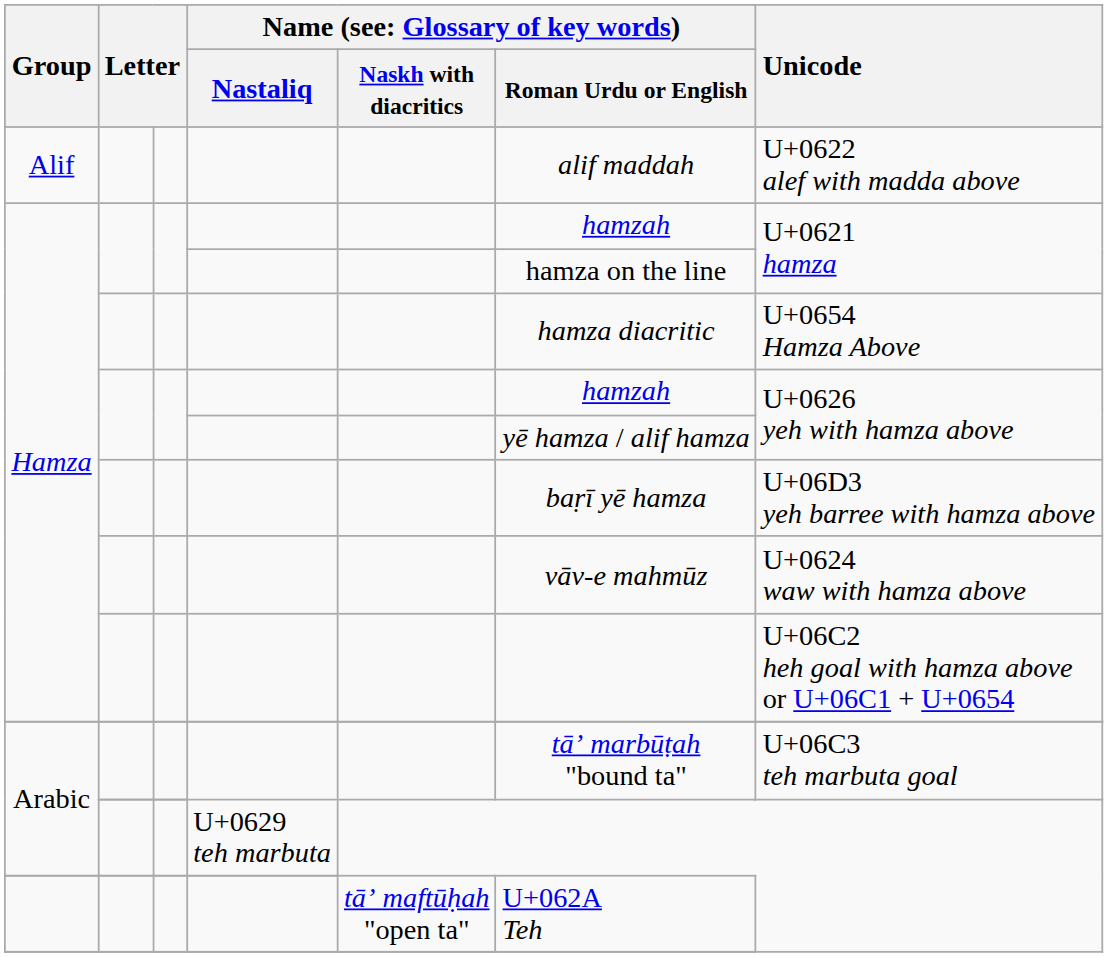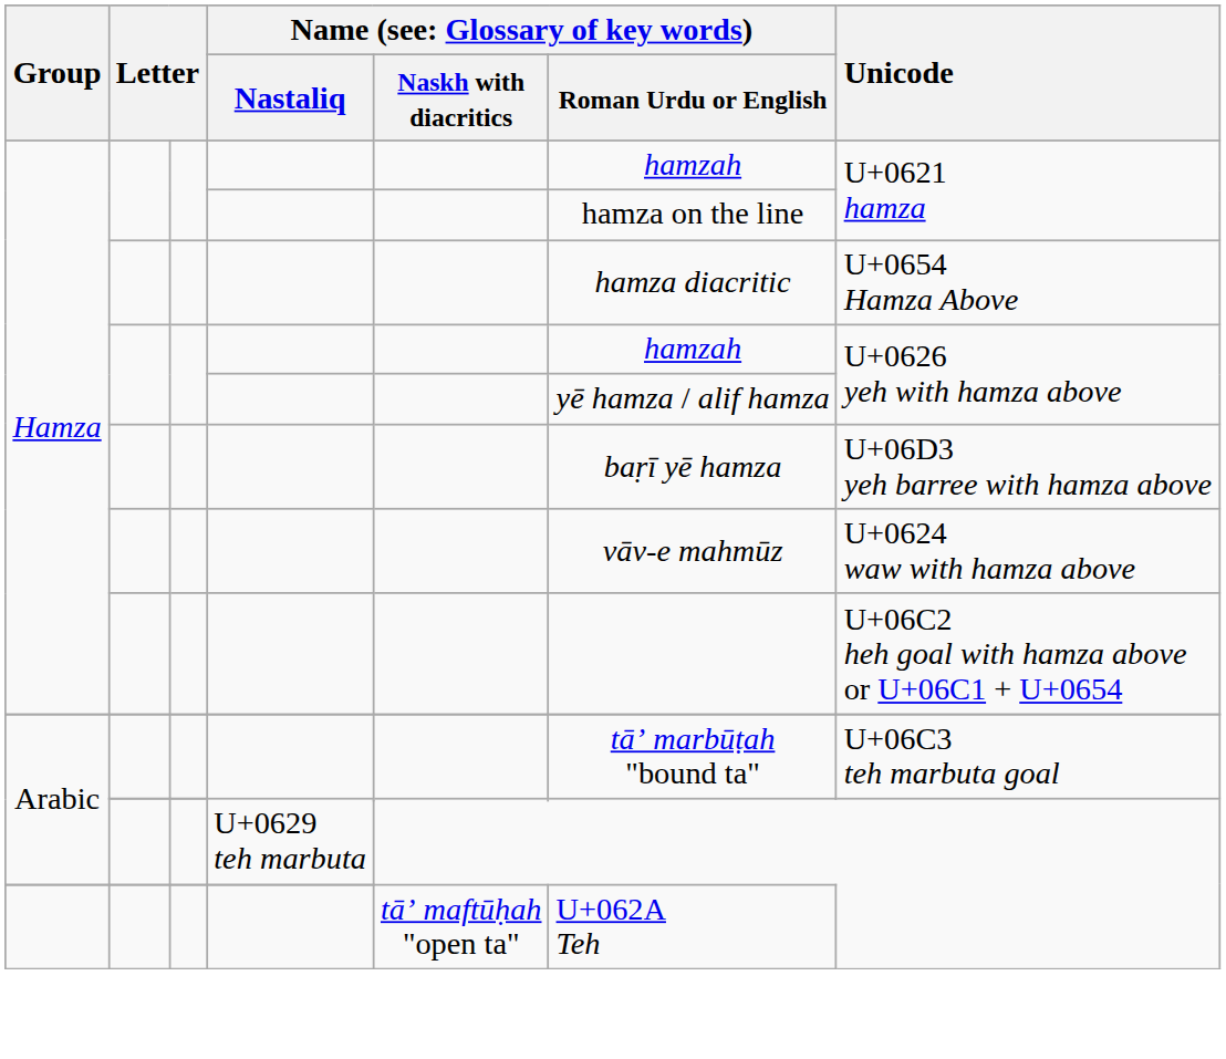 <table class='wikitable sortable' style="text-align:center;">
 <tr>
 <th rowspan=2>Group</th>
 <th colspan=2 rowspan=2>Letter </th>
 <th colspan=3>Name (see: <a href='#'>Glossary of key words</a>)</th>
 <th rowspan=2 style="text-align:left;">Unicode </th>
 </tr>
 <tr>
 <th><a href='#'>Nastaliq</a> <br> </th>
 <th><small><a href='#'>Naskh</a> with <br> diacritics</small></th>
 <th><small>Roman Urdu or English</small></th>
-</tr>
-<tr>
-<td><a href='#'>Alif</a></td>
-<td style=font-size:140%;></td>
-<td style="font-size:130%;white-space:nowrap;"></td>
-<td style=white-space:nowrap; style=font-size:120%;></td>
-<td> <br></td>
-<td><em>alif maddah</em> <br></td>
-<td style="text-align:left;white-space:nowrap;">U+0622 <br> <em>alef with madda above</em> </td>
 </tr>
 <tr>
 <td rowspan=8><em><a href='#'>Hamza</a></em> </td>
 <td rowspan=2 style=font-size:140%;></td>
 <td rowspan=2 style="font-size:130%;white-space:nowrap;"></td>
 <td style=font-size:120%;></td>
 <td> <br></td>
 <td><em><a href='#'>hamzah</a></em></td>
 <td rowspan=2 style="text-align:left;white-space:nowrap;">U+0621 <br> <em><a href='#'>hamza</a></em> </td>
 </tr>
 <tr>
 <td style=font-size:120%;></td>
 <td></td>
 <td>hamza on the line</td>
 </tr>
 <tr>
 <td style=font-size:140%;> </td>
 <td style="font-size:130%;white-space:nowrap;"></td>
 <td style=font-size:120%;></td>
 <td></td>
 <td><em>hamza diacritic</em> <br> </td>
 <td style="text-align:left;white-space:nowrap;">U+0654 <br> <em>Hamza Above</em></td>
 </tr>
 <tr>
 <td rowspan=2 style=font-size:140%;></td>
 <td rowspan=2 style="font-size:130%;white-space:nowrap;"></td>
 <td style=font-size:120%;></td>
 <td> <br></td>
 <td><em><a href='#'>hamzah</a></em></td>
 <td rowspan=2 style="text-align:left;white-space:nowrap;">U+0626 <br> <em>yeh with hamza above</em> </td>
 </tr>
 <tr>
 <td style=font-size:120%;></td>
 <td></td>
 <td style=white-space:nowrap;><em>yē hamza</em> / <em>alif hamza</em></td>
 </tr>
 <tr>
 <td style=font-size:140%;></td>
 <td style="font-size:130%;white-space:nowrap;"></td>
 <td style=font-size:120%;></td>
 <td></td>
 <td style=white-space:nowrap;><em>baṛī yē hamza</em></td>
 <td style="text-align:left;white-space:nowrap;">U+06D3 <br> <em>yeh barree with hamza above</em> </td>
 </tr>
 <tr>
 <td style=font-size:140%;></td>
 <td style="font-size:130%;white-space:nowrap;"></td>
 <td style="white-space:nowrap;font-size:120%;"></td>
 <td style="white-space:nowrap;"> <br></td>
 <td><em>vāv-e mahmūz</em> <br></td>
 <td style="text-align:left;white-space:nowrap;">U+0624 <br> <em>waw with hamza above</em> </td>
 </tr>
 <tr>
 <td style="white-space:nowrap;font-size:140%;"> </td>
 <td style="font-size:130%;white-space:nowrap;"></td>
 <td style=font-size:120%;></td>
 <td></td>
 <td></td>
 <td style="text-align:left;">U+06C2 <br> <em>heh goal with hamza above</em>  <br> or <a href='#'>U+06C1</a> + <a href='#'>U+0654</a></td>
 </tr>
 <tr>
 </tr>
 <tr>
 <td rowspan=3>Arabic </td>
 <td style="white-space:nowrap;font-size:140%;"> </td>
 <td style="font-size:130%;white-space:nowrap;"></td>
 <td rowspan=2 style="'white-space:nowrap;"></td>
 <td rowspan=2></td>
 <td rowspan=2 style="white-space:nowrap;"><a href='#'><em>tāʼ marbūṭah</em></a> <br> "bound ta"</td>
 <td style="text-align:left;white-space:nowrap;">U+06C3 <br> <em>teh marbuta goal</em> </td>
 </tr>
 <tr>
 </tr>
 <tr>
 <td style="white-space:nowrap;font-size:140%;"> </td>
 <td style="font-size:130%;white-space:nowrap;"></td>
 <td style="text-align:left;white-space:nowrap;">U+0629 <br> <em>teh marbuta</em> </td>
 </tr>
 <tr>
 </tr>
 <tr>
 <td style="white-space:nowrap;font-size:140%;"></td>
 <td style="font-size:130%;white-space:nowrap;"></td>
 <td style=white-space:nowrap;></td>
 <td> </td>
 <td style=white-space:nowrap;><a href='#'><em>tāʼ maftūḥah </em></a> <br> "open ta" </td>
 <td style="text-align:left;white-space:nowrap;"><a href='#'>U+062A</a> <br> <em>Teh</em></td>
 </tr>
 <tr>
 </tr>
 <tr>
 </tr>
 </table>
